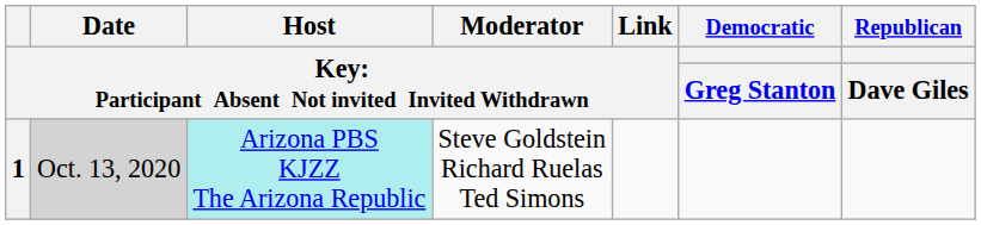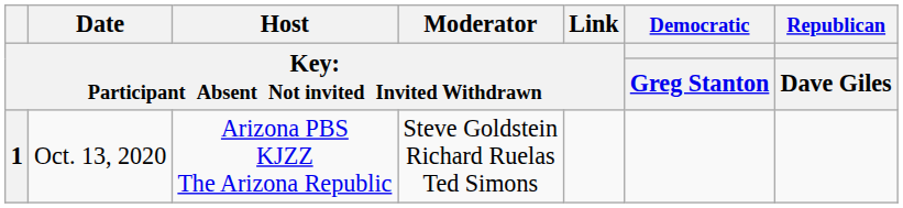 <table class="wikitable" style="text-align:center;">
 <tr>
 <th scope="col"></th>
 <th scope="col">Date</th>
 <th scope="col">Host</th>
 <th scope="col">Moderator</th>
 <th scope="col">Link</th>
 <th scope="col"><small><a href='#'>Democratic</a></small></th>
 <th scope="col"><small><a href='#'>Republican</a></small></th>
 </tr>
 <tr>
 <th colspan="5" rowspan="2">Key:<br> <small>Participant </small>  <small>Absent </small>  <small>Not invited </small>  <small>Invited  Withdrawn</small></th>
 <th scope="col" style="background:"></th>
 <th scope="col" style="background:"></th>
 </tr>
 <tr>
 <th scope="col"><a href='#'>Greg Stanton</a></th>
 <th scope="col">Dave Giles</th>
 </tr>
 <tr>
 <th>1</th>
-<td style="background: lightgrey; white-space:nowrap;">Oct. 13, 2020</td>
-<td style="background: paleturquoise; white-space:nowrap;"><a href='#'>Arizona PBS</a><br><a href='#'>KJZZ</a><br><a href='#'>The Arizona Republic</a></td>
+<td style="white-space:nowrap;">Oct. 13, 2020</td>
+<td style="white-space:nowrap;"><a href='#'>Arizona PBS</a><br><a href='#'>KJZZ</a><br><a href='#'>The Arizona Republic</a></td>
 <td style="white-space:nowrap;">Steve Goldstein<br>Richard Ruelas<br>Ted Simons</td>
 <td style="white-space:nowrap;"></td>
 <td></td>
 <td></td>
 </tr>
 </table>
